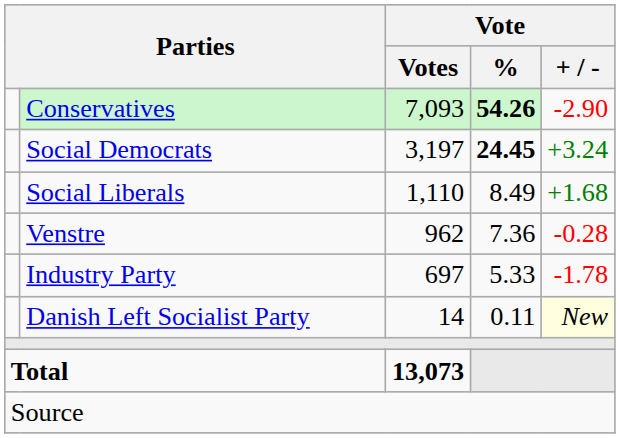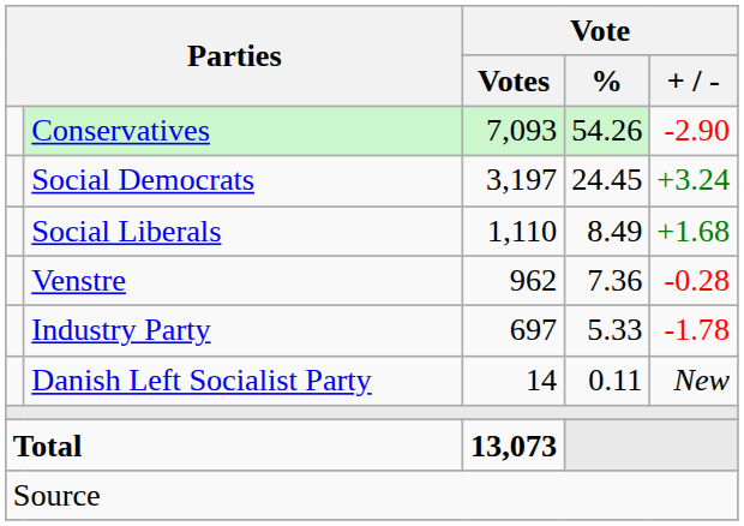 <table class="wikitable" style="text-align:right;">
 <tr>
 <th style="text-align:centre;" rowspan="2" colspan="2" width="225">Parties</th>
 <th colspan="3">Vote</th>
 </tr>
 <tr>
 <th width="15">Votes</th>
 <th width="15">%</th>
 <th width="15">+ / -</th>
 </tr>
 <tr>
 <td width="2" style="color:inherit;background:"></td>
 <td bgcolor=#ccf7cc  align="left"><a href='#'>Conservatives</a></td>
 <td bgcolor=#ccf7cc>7,093</td>
-<td bgcolor=#ccf7cc><strong>54.26</strong></td>
+<td bgcolor=#ccf7cc>54.26</td>
 <td style=color:red;>-2.90</td>
 </tr>
 <tr>
 <td width="2" style="color:inherit;background:"></td>
 <td align="left"><a href='#'>Social Democrats</a></td>
 <td>3,197</td>
-<td><strong>24.45</strong></td>
+<td>24.45</td>
 <td style=color:green;>+3.24</td>
 </tr>
 <tr>
 <td width="2" style="color:inherit;background:"></td>
 <td align="left"><a href='#'>Social Liberals</a></td>
 <td>1,110</td>
 <td>8.49</td>
 <td style=color:green;>+1.68</td>
 </tr>
 <tr>
 <td width="2" style="color:inherit;background:"></td>
 <td align="left"><a href='#'>Venstre</a></td>
 <td>962</td>
 <td>7.36</td>
 <td style=color:red;>-0.28</td>
 </tr>
 <tr>
 <td width="2" style="color:inherit;background:"></td>
 <td align="left"><a href='#'>Industry Party</a></td>
 <td>697</td>
 <td>5.33</td>
 <td style=color:red;>-1.78</td>
 </tr>
 <tr>
 <td width="2" style="color:inherit;background:"></td>
 <td align="left"><a href='#'>Danish Left Socialist Party</a></td>
 <td>14</td>
 <td>0.11</td>
-<td style="background: lightyellow;"><em>New</em></td>
+<td><em>New</em></td>
 </tr>
 <tr>
 <td colspan="7" bgcolor="#E9E9E9"></td>
 </tr>
 <tr>
 <td align="left" colspan="2"><strong>Total</strong></td>
 <td><strong>13,073</strong></td>
 <td bgcolor="#E9E9E9" colspan="2"></td>
 </tr>
 <tr>
 <td align="left" colspan="6">Source</td>
 </tr>
 </table>
